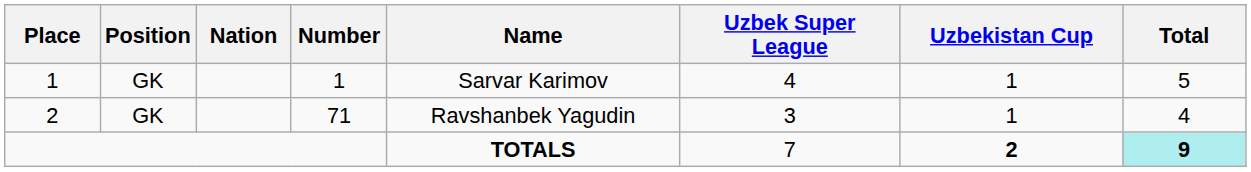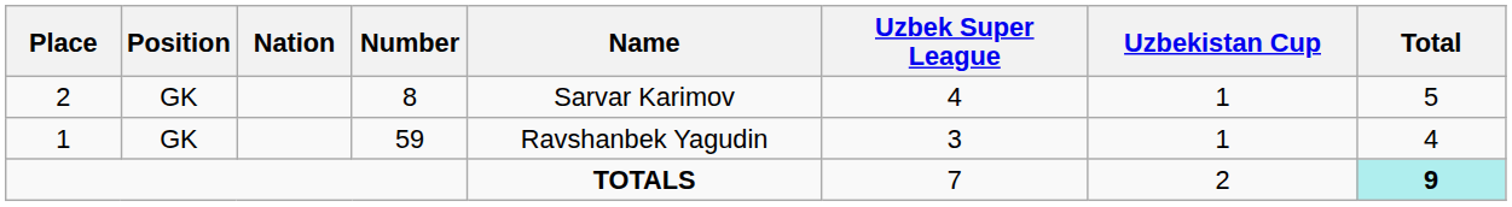 <table class="wikitable" style="font-size: 95%; text-align: center;">
 <tr>
 <th width=60>Place</th>
 <th width=60>Position</th>
 <th width=60>Nation</th>
 <th width=60>Number</th>
 <th width=200>Name</th>
 <th width=150><a href='#'>Uzbek Super League</a></th>
 <th width=150><a href='#'>Uzbekistan Cup</a></th>
 <th width=80><strong>Total</strong></th>
 </tr>
 <tr>
-<td>1</td>
+<td>2</td>
 <td>GK</td>
 <td></td>
-<td>1</td>
+<td>8</td>
 <td>Sarvar Karimov</td>
 <td>4</td>
 <td>1</td>
 <td>5</td>
 </tr>
 <tr>
-<td>2</td>
+<td>1</td>
 <td>GK</td>
 <td></td>
-<td>71</td>
+<td>59</td>
 <td>Ravshanbek Yagudin</td>
 <td>3</td>
 <td>1</td>
 <td>4</td>
 </tr>
 <tr>
 <td colspan="4"></td>
 <td><strong>TOTALS</strong></td>
 <td>7</td>
-<td><strong>2</strong></td>
+<td>2</td>
 <td style="background: paleturquoise;"><strong>9</strong></td>
 </tr>
 </table>
